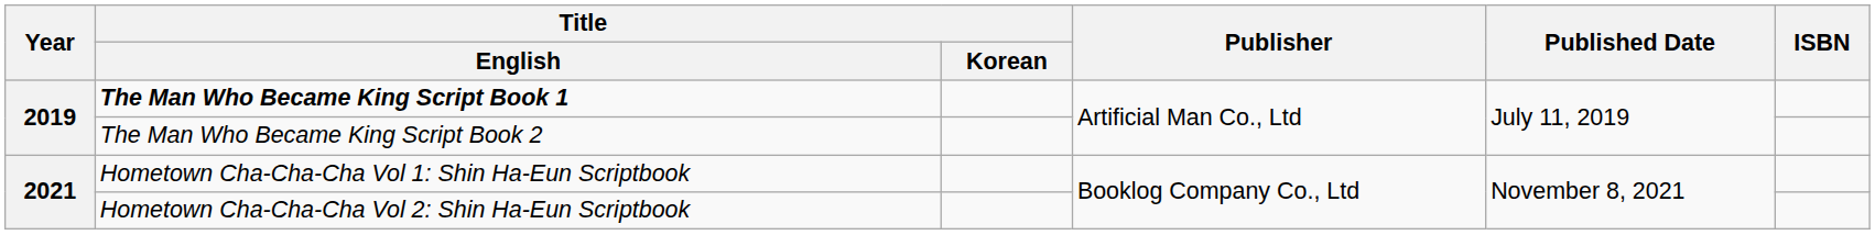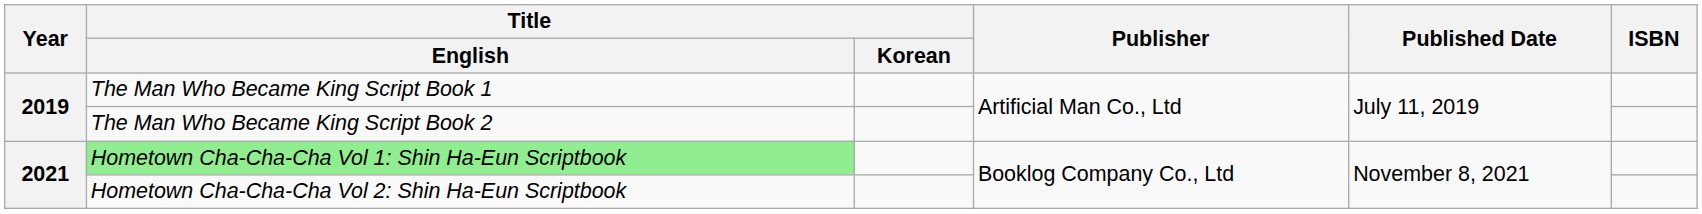 <table class="wikitable sortable plainrowheaders" style="text-align:left; font-size:100%; padding:0 auto; width:100%; margin:auto">
 <tr>
 <th scope="col" rowspan="2">Year</th>
 <th scope="col" colspan="2">Title</th>
 <th scope="col" rowspan="2">Publisher</th>
 <th scope="col" rowspan="2">Published Date</th>
 <th scope="col" rowspan="2">ISBN</th>
 </tr>
 <tr>
 <th>English</th>
 <th>Korean</th>
 </tr>
 <tr>
 <th scope="row" rowspan="2">2019</th>
-<td><strong><em>The Man Who Became King Script Book 1</em></strong></td>
+<td><em>The Man Who Became King Script Book 1</em></td>
 <td></td>
 <td rowspan="2">Artificial Man Co., Ltd</td>
 <td rowspan="2">July 11, 2019</td>
 <td></td>
 </tr>
 <tr>
 <td><em>The Man Who Became King Script Book 2</em></td>
 <td></td>
 <td></td>
 </tr>
 <tr>
 <th scope="row" rowspan="2">2021</th>
-<td><em>Hometown Cha-Cha-Cha Vol 1: Shin Ha-Eun Scriptbook</em></td>
+<td style="background: lightgreen;"><em>Hometown Cha-Cha-Cha Vol 1: Shin Ha-Eun Scriptbook</em></td>
 <td></td>
 <td rowspan="2">Booklog Company Co., Ltd</td>
 <td rowspan="2">November 8, 2021</td>
 <td></td>
 </tr>
 <tr>
 <td><em>Hometown Cha-Cha-Cha Vol 2: Shin Ha-Eun Scriptbook</em></td>
 <td></td>
 <td></td>
 </tr>
 </table>
